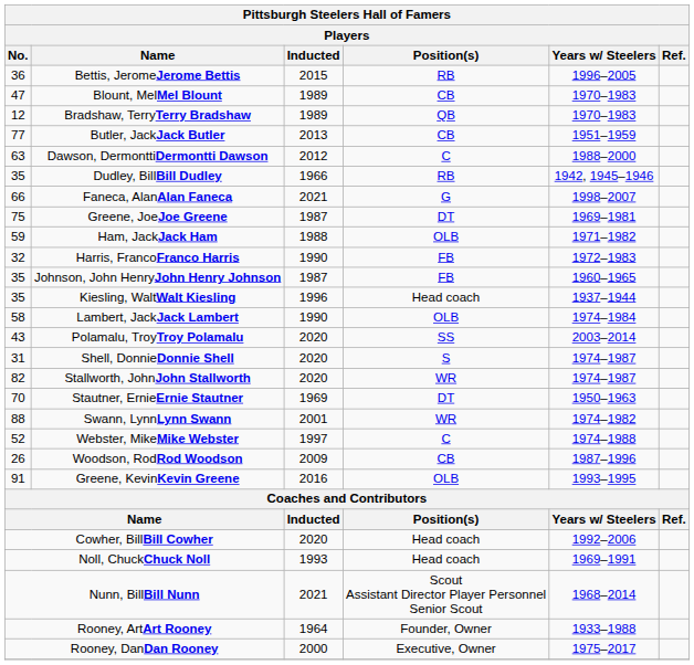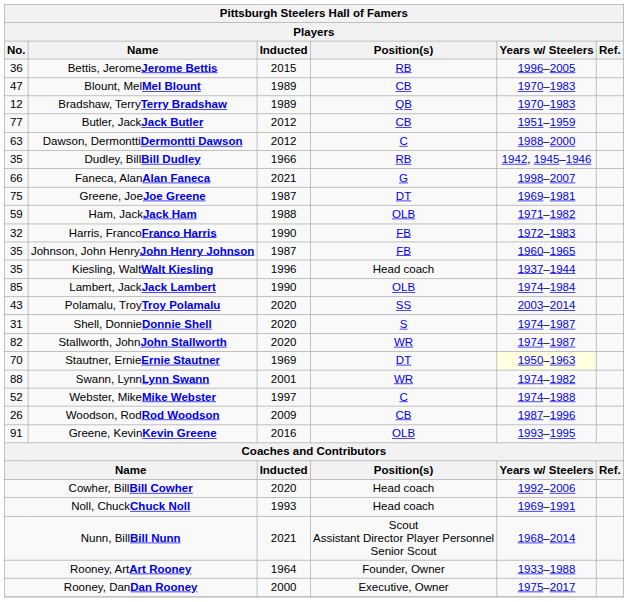 <table class="wikitable" style="text-align:center">
 <tr>
 <th colspan=6>Pittsburgh Steelers Hall of Famers</th>
 </tr>
 <tr>
 <th colspan=6>Players</th>
 </tr>
 <tr>
 <th>No.</th>
 <th>Name</th>
 <th>Inducted</th>
 <th>Position(s)</th>
 <th>Years w/ Steelers</th>
 <th>Ref.</th>
 </tr>
 <tr>
 <td style="text-align:center;">36</td>
 <td><span>Bettis, Jerome</span><strong><a href='#'>Jerome Bettis</a></strong></td>
 <td style="text-align:center;">2015</td>
 <td><a href='#'>RB</a></td>
 <td style="text-align:center;"><a href='#'>1996</a>–<a href='#'>2005</a></td>
 <td></td>
 </tr>
 <tr>
 <td style="text-align:center;">47</td>
 <td><span>Blount, Mel</span><strong><a href='#'>Mel Blount</a></strong></td>
 <td style="text-align:center;">1989</td>
 <td><a href='#'>CB</a></td>
 <td style="text-align:center;"><a href='#'>1970</a>–<a href='#'>1983</a></td>
 <td></td>
 </tr>
 <tr>
 <td style="text-align:center;">12</td>
 <td><span>Bradshaw, Terry</span><strong><a href='#'>Terry Bradshaw</a></strong></td>
 <td style="text-align:center;">1989</td>
 <td><a href='#'>QB</a></td>
 <td style="text-align:center;"><a href='#'>1970</a>–<a href='#'>1983</a></td>
 <td></td>
 </tr>
 <tr>
 <td style="text-align:center;">77</td>
 <td><span>Butler, Jack</span><strong><a href='#'>Jack Butler</a></strong></td>
-<td style="text-align:center;">2013</td>
+<td style="text-align:center;">2012</td>
 <td><a href='#'>CB</a></td>
 <td style="text-align:center;"><a href='#'>1951</a>–<a href='#'>1959</a></td>
 <td></td>
 </tr>
 <tr>
 <td style="text-align:center;">63</td>
 <td><span>Dawson, Dermontti</span><strong><a href='#'>Dermontti Dawson</a></strong></td>
 <td style="text-align:center;">2012</td>
 <td><a href='#'>C</a></td>
 <td style="text-align:center;"><a href='#'>1988</a>–<a href='#'>2000</a></td>
 <td></td>
 </tr>
 <tr>
 <td style="text-align:center;">35</td>
 <td><span>Dudley, Bill</span><strong><a href='#'>Bill Dudley</a></strong></td>
 <td style="text-align:center;">1966</td>
 <td><a href='#'>RB</a></td>
 <td style="text-align:center;"><a href='#'>1942</a>, <a href='#'>1945</a>–<a href='#'>1946</a></td>
 <td></td>
 </tr>
 <tr>
 <td style="text-align:center;">66</td>
 <td><span>Faneca, Alan</span><strong><a href='#'>Alan Faneca</a></strong></td>
 <td style="text-align:center;">2021</td>
 <td><a href='#'>G</a></td>
 <td style="text-align:center;"><a href='#'>1998</a>–<a href='#'>2007</a></td>
 <td></td>
 </tr>
 <tr>
 <td style="text-align:center;">75</td>
 <td><span>Greene, Joe</span><strong><a href='#'>Joe Greene</a></strong></td>
 <td style="text-align:center;">1987</td>
 <td><a href='#'>DT</a></td>
 <td style="text-align:center;"><a href='#'>1969</a>–<a href='#'>1981</a></td>
 <td></td>
 </tr>
 <tr>
 <td style="text-align:center;">59</td>
 <td><span>Ham, Jack</span><strong><a href='#'>Jack Ham</a></strong></td>
 <td style="text-align:center;">1988</td>
 <td><a href='#'>OLB</a></td>
 <td style="text-align:center;"><a href='#'>1971</a>–<a href='#'>1982</a></td>
 <td></td>
 </tr>
 <tr>
 <td style="text-align:center;">32</td>
 <td><span>Harris, Franco</span><strong><a href='#'>Franco Harris</a></strong></td>
 <td style="text-align:center;">1990</td>
 <td><a href='#'>FB</a></td>
 <td style="text-align:center;"><a href='#'>1972</a>–<a href='#'>1983</a></td>
 <td></td>
 </tr>
 <tr>
 <td style="text-align:center;">35</td>
 <td><span>Johnson, John Henry</span><strong><a href='#'>John Henry Johnson</a></strong></td>
 <td style="text-align:center;">1987</td>
 <td><a href='#'>FB</a></td>
 <td style="text-align:center;"><a href='#'>1960</a>–<a href='#'>1965</a></td>
 <td></td>
 </tr>
 <tr>
 <td style="text-align:center;">35</td>
 <td><span>Kiesling, Walt</span><strong><a href='#'>Walt Kiesling</a></strong></td>
 <td style="text-align:center;">1996</td>
 <td>Head coach</td>
 <td style="text-align:center;"><a href='#'>1937</a>–<a href='#'>1944</a></td>
 <td></td>
 </tr>
 <tr>
-<td style="text-align:center;">58</td>
+<td style="text-align:center;">85</td>
 <td><span>Lambert, Jack</span><strong><a href='#'>Jack Lambert</a></strong></td>
 <td style="text-align:center;">1990</td>
 <td><a href='#'>OLB</a></td>
 <td style="text-align:center;"><a href='#'>1974</a>–<a href='#'>1984</a></td>
 <td></td>
 </tr>
 <tr>
 <td style="text-align:center;">43</td>
 <td><span>Polamalu, Troy</span><strong><a href='#'>Troy Polamalu</a></strong></td>
 <td style="text-align:center;">2020</td>
 <td><a href='#'>SS</a></td>
 <td style="text-align:center;"><a href='#'>2003</a>–<a href='#'>2014</a></td>
 <td></td>
 </tr>
 <tr>
 <td style="text-align:center;">31</td>
 <td><span>Shell, Donnie</span><strong><a href='#'>Donnie Shell</a></strong></td>
 <td style="text-align:center;">2020</td>
 <td><a href='#'>S</a></td>
 <td style="text-align:center;"><a href='#'>1974</a>–<a href='#'>1987</a></td>
 <td></td>
 </tr>
 <tr>
 <td style="text-align:center;">82</td>
 <td><span>Stallworth, John</span><strong><a href='#'>John Stallworth</a></strong></td>
 <td style="text-align:center;">2020</td>
 <td><a href='#'>WR</a></td>
 <td style="text-align:center;"><a href='#'>1974</a>–<a href='#'>1987</a></td>
 <td></td>
 </tr>
 <tr>
 <td style="text-align:center;">70</td>
 <td><span>Stautner, Ernie</span><strong><a href='#'>Ernie Stautner</a></strong></td>
 <td style="text-align:center;">1969</td>
 <td><a href='#'>DT</a></td>
-<td style="text-align:center;"><a href='#'>1950</a>–<a href='#'>1963</a></td>
+<td style="background: lightyellow; text-align:center;"><a href='#'>1950</a>–<a href='#'>1963</a></td>
 <td></td>
 </tr>
 <tr>
 <td style="text-align:center;">88</td>
 <td><span>Swann, Lynn</span><strong><a href='#'>Lynn Swann</a></strong></td>
 <td style="text-align:center;">2001</td>
 <td><a href='#'>WR</a></td>
 <td style="text-align:center;"><a href='#'>1974</a>–<a href='#'>1982</a></td>
 <td></td>
 </tr>
 <tr>
 <td style="text-align:center;">52</td>
 <td><span>Webster, Mike</span><strong><a href='#'>Mike Webster</a></strong></td>
 <td style="text-align:center;">1997</td>
 <td><a href='#'>C</a></td>
 <td style="text-align:center;"><a href='#'>1974</a>–<a href='#'>1988</a></td>
 <td></td>
 </tr>
 <tr>
 <td style="text-align:center;">26</td>
 <td><span>Woodson, Rod</span><strong><a href='#'>Rod Woodson</a></strong></td>
 <td style="text-align:center;">2009</td>
 <td><a href='#'>CB</a></td>
 <td style="text-align:center;"><a href='#'>1987</a>–<a href='#'>1996</a></td>
 <td></td>
 </tr>
 <tr>
 <td style="text-align:center;">91</td>
 <td><span>Greene, Kevin</span><strong><a href='#'>Kevin Greene</a></strong></td>
 <td style="text-align:center;">2016</td>
 <td><a href='#'>OLB</a></td>
 <td style="text-align:center;"><a href='#'>1993</a>–<a href='#'>1995</a></td>
 <td></td>
 </tr>
 <tr>
 <th colspan=6>Coaches and Contributors</th>
 </tr>
 <tr>
 <th colspan=2>Name</th>
 <th>Inducted</th>
 <th>Position(s)</th>
 <th>Years w/ Steelers</th>
 <th>Ref.</th>
 </tr>
 <tr>
 <td style="text-align:center;" colspan=2><span>Cowher, Bill</span><strong><a href='#'>Bill Cowher</a></strong></td>
 <td style="text-align:center;">2020</td>
 <td>Head coach</td>
 <td style="text-align:center;"><a href='#'>1992</a>–<a href='#'>2006</a></td>
 <td></td>
 </tr>
 <tr>
 <td style="text-align:center;" colspan=2><span>Noll, Chuck</span><strong><a href='#'>Chuck Noll</a></strong></td>
 <td style="text-align:center;">1993</td>
 <td>Head coach</td>
 <td style="text-align:center;"><a href='#'>1969</a>–<a href='#'>1991</a></td>
 <td></td>
 </tr>
 <tr>
 <td style="text-align:center;" colspan=2><span>Nunn, Bill</span><strong><a href='#'>Bill Nunn</a></strong></td>
 <td style="text-align:center;">2021</td>
 <td>Scout<br>Assistant Director Player Personnel<br>Senior Scout<br></td>
 <td style="text-align:center;"><a href='#'>1968</a>–<a href='#'>2014</a></td>
 <td></td>
 </tr>
 <tr>
 <td style="text-align:center;" colspan=2><span>Rooney, Art</span><strong><a href='#'>Art Rooney</a></strong></td>
 <td style="text-align:center;">1964</td>
 <td>Founder, Owner</td>
 <td style="text-align:center;"><a href='#'>1933</a>–<a href='#'>1988</a></td>
 <td></td>
 </tr>
 <tr>
 <td style="text-align:center;" colspan=2><span>Rooney, Dan</span><strong><a href='#'>Dan Rooney</a></strong></td>
 <td style="text-align:center;">2000</td>
 <td>Executive, Owner</td>
 <td style="text-align:center;"><a href='#'>1975</a>–<a href='#'>2017</a></td>
 <td></td>
 </tr>
 <tr>
 </tr>
 </table>
